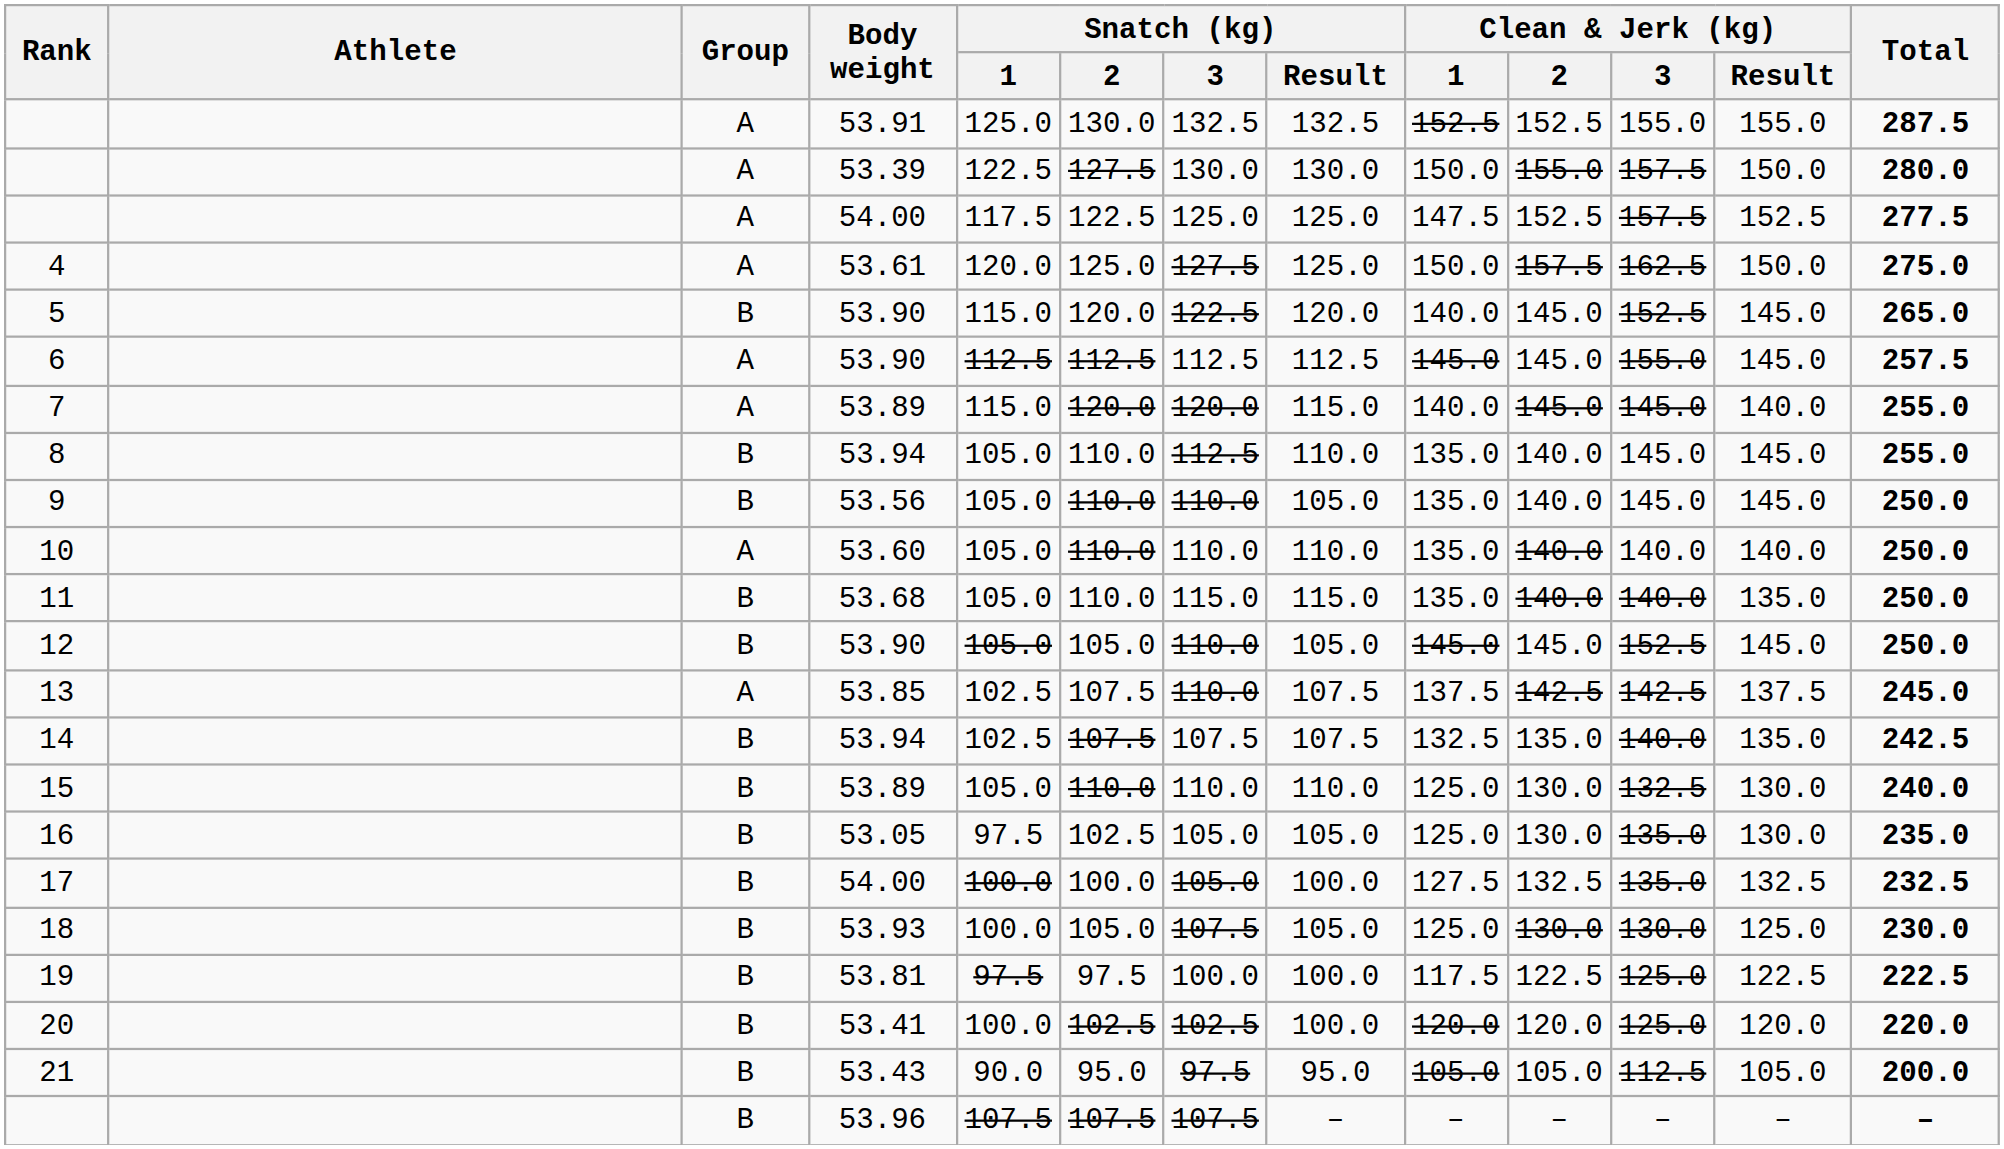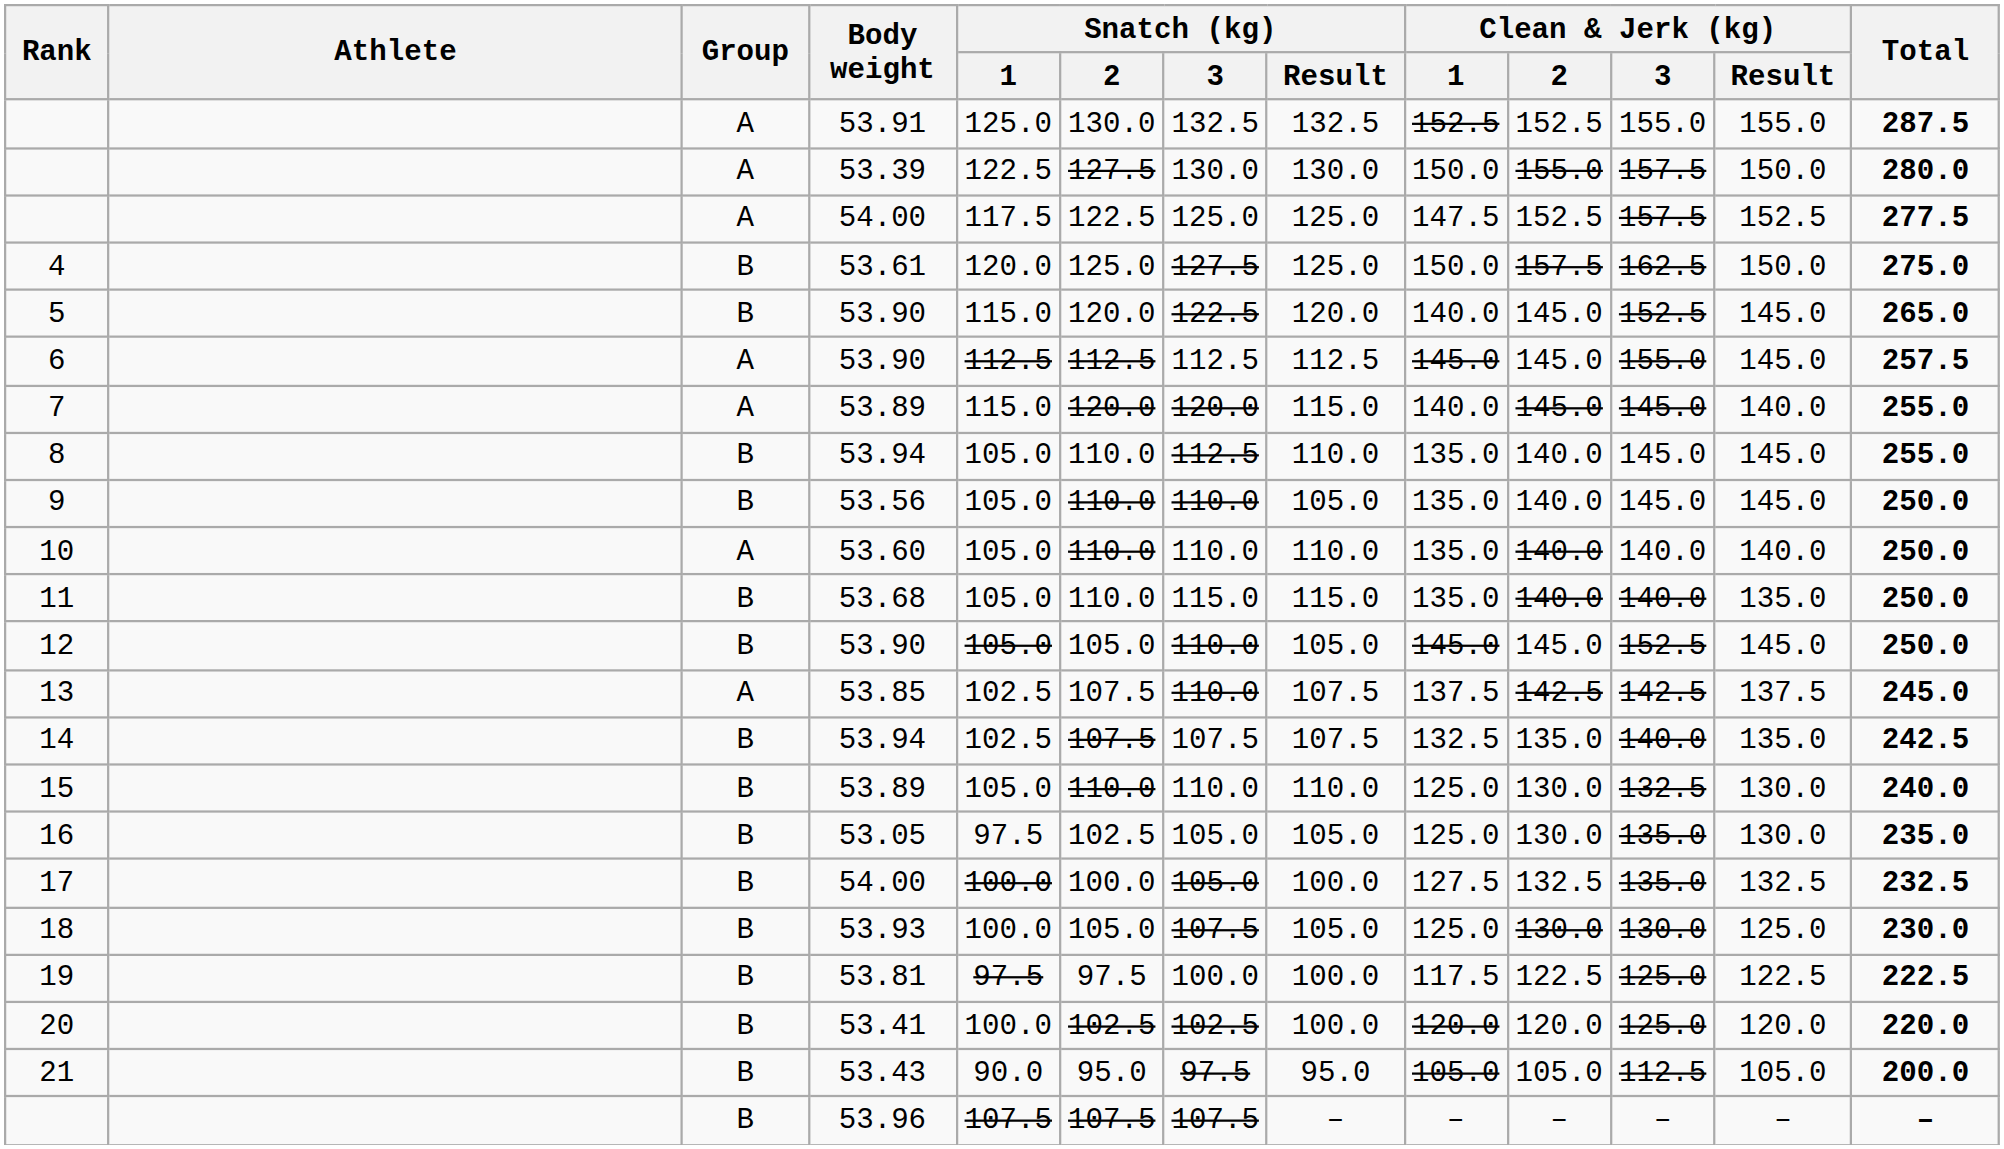 <table class="wikitable" style=" text-align:center;">
 <tr>
 <th rowspan=2 width=40>Rank</th>
 <th rowspan=2 width=250>Athlete</th>
 <th rowspan=2 width=50>Group</th>
 <th rowspan=2 width=60>Body weight</th>
 <th colspan=4>Snatch (kg)</th>
 <th colspan=4>Clean & Jerk (kg)</th>
 <th rowspan=2 width=60>Total</th>
 </tr>
 <tr>
 <th width=40>1</th>
 <th width=40>2</th>
 <th width=40>3</th>
 <th width=55>Result</th>
 <th width=40>1</th>
 <th width=40>2</th>
 <th width=40>3</th>
 <th width=55>Result</th>
 </tr>
 <tr>
 <td></td>
 <td align=left></td>
 <td>A</td>
 <td>53.91</td>
 <td>125.0</td>
 <td>130.0</td>
 <td>132.5</td>
 <td>132.5</td>
 <td><s>152.5</s></td>
 <td>152.5</td>
 <td>155.0</td>
 <td>155.0</td>
 <td><strong>287.5</strong></td>
 </tr>
 <tr>
 <td></td>
 <td align=left></td>
 <td>A</td>
 <td>53.39</td>
 <td>122.5</td>
 <td><s>127.5</s></td>
 <td>130.0</td>
 <td>130.0</td>
 <td>150.0</td>
 <td><s>155.0</s></td>
 <td><s>157.5</s></td>
 <td>150.0</td>
 <td><strong>280.0</strong></td>
 </tr>
 <tr>
 <td></td>
 <td align=left></td>
 <td>A</td>
 <td>54.00</td>
 <td>117.5</td>
 <td>122.5</td>
 <td>125.0</td>
 <td>125.0</td>
 <td>147.5</td>
 <td>152.5</td>
 <td><s>157.5</s></td>
 <td>152.5</td>
 <td><strong>277.5</strong></td>
 </tr>
 <tr>
 <td>4</td>
 <td align=left></td>
-<td>A</td>
+<td>B</td>
 <td>53.61</td>
 <td>120.0</td>
 <td>125.0</td>
 <td><s>127.5</s></td>
 <td>125.0</td>
 <td>150.0</td>
 <td><s>157.5</s></td>
 <td><s>162.5</s></td>
 <td>150.0</td>
 <td><strong>275.0</strong></td>
 </tr>
 <tr>
 <td>5</td>
 <td align=left></td>
 <td>B</td>
 <td>53.90</td>
 <td>115.0</td>
 <td>120.0</td>
 <td><s>122.5</s></td>
 <td>120.0</td>
 <td>140.0</td>
 <td>145.0</td>
 <td><s>152.5</s></td>
 <td>145.0</td>
 <td><strong>265.0</strong></td>
 </tr>
 <tr>
 <td>6</td>
 <td align=left></td>
 <td>A</td>
 <td>53.90</td>
 <td><s>112.5</s></td>
 <td><s>112.5</s></td>
 <td>112.5</td>
 <td>112.5</td>
 <td><s>145.0</s></td>
 <td>145.0</td>
 <td><s>155.0</s></td>
 <td>145.0</td>
 <td><strong>257.5</strong></td>
 </tr>
 <tr>
 <td>7</td>
 <td align=left></td>
 <td>A</td>
 <td>53.89</td>
 <td>115.0</td>
 <td><s>120.0</s></td>
 <td><s>120.0</s></td>
 <td>115.0</td>
 <td>140.0</td>
 <td><s>145.0</s></td>
 <td><s>145.0</s></td>
 <td>140.0</td>
 <td><strong>255.0</strong></td>
 </tr>
 <tr>
 <td>8</td>
 <td align=left></td>
 <td>B</td>
 <td>53.94</td>
 <td>105.0</td>
 <td>110.0</td>
 <td><s>112.5</s></td>
 <td>110.0</td>
 <td>135.0</td>
 <td>140.0</td>
 <td>145.0</td>
 <td>145.0</td>
 <td><strong>255.0</strong></td>
 </tr>
 <tr>
 <td>9</td>
 <td align=left></td>
 <td>B</td>
 <td>53.56</td>
 <td>105.0</td>
 <td><s>110.0</s></td>
 <td><s>110.0</s></td>
 <td>105.0</td>
 <td>135.0</td>
 <td>140.0</td>
 <td>145.0</td>
 <td>145.0</td>
 <td><strong>250.0</strong></td>
 </tr>
 <tr>
 <td>10</td>
 <td align=left></td>
 <td>A</td>
 <td>53.60</td>
 <td>105.0</td>
 <td><s>110.0</s></td>
 <td>110.0</td>
 <td>110.0</td>
 <td>135.0</td>
 <td><s>140.0</s></td>
 <td>140.0</td>
 <td>140.0</td>
 <td><strong>250.0</strong></td>
 </tr>
 <tr>
 <td>11</td>
 <td align=left></td>
 <td>B</td>
 <td>53.68</td>
 <td>105.0</td>
 <td>110.0</td>
 <td>115.0</td>
 <td>115.0</td>
 <td>135.0</td>
 <td><s>140.0</s></td>
 <td><s>140.0</s></td>
 <td>135.0</td>
 <td><strong>250.0</strong></td>
 </tr>
 <tr>
 <td>12</td>
 <td align=left></td>
 <td>B</td>
 <td>53.90</td>
 <td><s>105.0</s></td>
 <td>105.0</td>
 <td><s>110.0</s></td>
 <td>105.0</td>
 <td><s>145.0</s></td>
 <td>145.0</td>
 <td><s>152.5</s></td>
 <td>145.0</td>
 <td><strong>250.0</strong></td>
 </tr>
 <tr>
 <td>13</td>
 <td align=left></td>
 <td>A</td>
 <td>53.85</td>
 <td>102.5</td>
 <td>107.5</td>
 <td><s>110.0</s></td>
 <td>107.5</td>
 <td>137.5</td>
 <td><s>142.5</s></td>
 <td><s>142.5</s></td>
 <td>137.5</td>
 <td><strong>245.0</strong></td>
 </tr>
 <tr>
 <td>14</td>
 <td align=left></td>
 <td>B</td>
 <td>53.94</td>
 <td>102.5</td>
 <td><s>107.5</s></td>
 <td>107.5</td>
 <td>107.5</td>
 <td>132.5</td>
 <td>135.0</td>
 <td><s>140.0</s></td>
 <td>135.0</td>
 <td><strong>242.5</strong></td>
 </tr>
 <tr>
 <td>15</td>
 <td align=left></td>
 <td>B</td>
 <td>53.89</td>
 <td>105.0</td>
 <td><s>110.0</s></td>
 <td>110.0</td>
 <td>110.0</td>
 <td>125.0</td>
 <td>130.0</td>
 <td><s>132.5</s></td>
 <td>130.0</td>
 <td><strong>240.0</strong></td>
 </tr>
 <tr>
 <td>16</td>
 <td align=left></td>
 <td>B</td>
 <td>53.05</td>
 <td>97.5</td>
 <td>102.5</td>
 <td>105.0</td>
 <td>105.0</td>
 <td>125.0</td>
 <td>130.0</td>
 <td><s>135.0</s></td>
 <td>130.0</td>
 <td><strong>235.0</strong></td>
 </tr>
 <tr>
 <td>17</td>
 <td align=left></td>
 <td>B</td>
 <td>54.00</td>
 <td><s>100.0</s></td>
 <td>100.0</td>
 <td><s>105.0</s></td>
 <td>100.0</td>
 <td>127.5</td>
 <td>132.5</td>
 <td><s>135.0</s></td>
 <td>132.5</td>
 <td><strong>232.5</strong></td>
 </tr>
 <tr>
 <td>18</td>
 <td align="left"></td>
 <td>B</td>
 <td>53.93</td>
 <td>100.0</td>
 <td>105.0</td>
 <td><s>107.5</s></td>
 <td>105.0</td>
 <td>125.0</td>
 <td><s>130.0</s></td>
 <td><s>130.0</s></td>
 <td>125.0</td>
 <td><strong>230.0</strong></td>
 </tr>
 <tr>
 <td>19</td>
 <td align="left"></td>
 <td>B</td>
 <td>53.81</td>
 <td><s>97.5</s></td>
 <td>97.5</td>
 <td>100.0</td>
 <td>100.0</td>
 <td>117.5</td>
 <td>122.5</td>
 <td><s>125.0</s></td>
 <td>122.5</td>
 <td><strong>222.5</strong></td>
 </tr>
 <tr>
 <td>20</td>
 <td align="left"></td>
 <td>B</td>
 <td>53.41</td>
 <td>100.0</td>
 <td><s>102.5</s></td>
 <td><s>102.5</s></td>
 <td>100.0</td>
 <td><s>120.0</s></td>
 <td>120.0</td>
 <td><s>125.0</s></td>
 <td>120.0</td>
 <td><strong>220.0</strong></td>
 </tr>
 <tr>
 <td>21</td>
 <td align="left"></td>
 <td>B</td>
 <td>53.43</td>
 <td>90.0</td>
 <td>95.0</td>
 <td><s>97.5</s></td>
 <td>95.0</td>
 <td><s>105.0</s></td>
 <td>105.0</td>
 <td><s>112.5</s></td>
 <td>105.0</td>
 <td><strong>200.0</strong></td>
 </tr>
 <tr>
 <td></td>
 <td align="left"></td>
 <td>B</td>
 <td>53.96</td>
 <td><s>107.5</s></td>
 <td><s>107.5</s></td>
 <td><s>107.5</s></td>
 <td>–</td>
 <td>–</td>
 <td>–</td>
 <td>–</td>
 <td>–</td>
 <td><strong>–</strong></td>
 </tr>
 </table>
